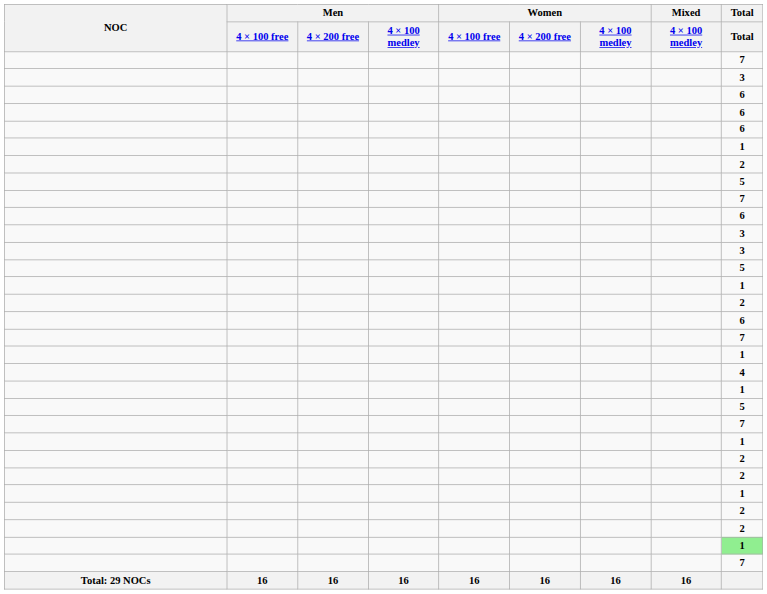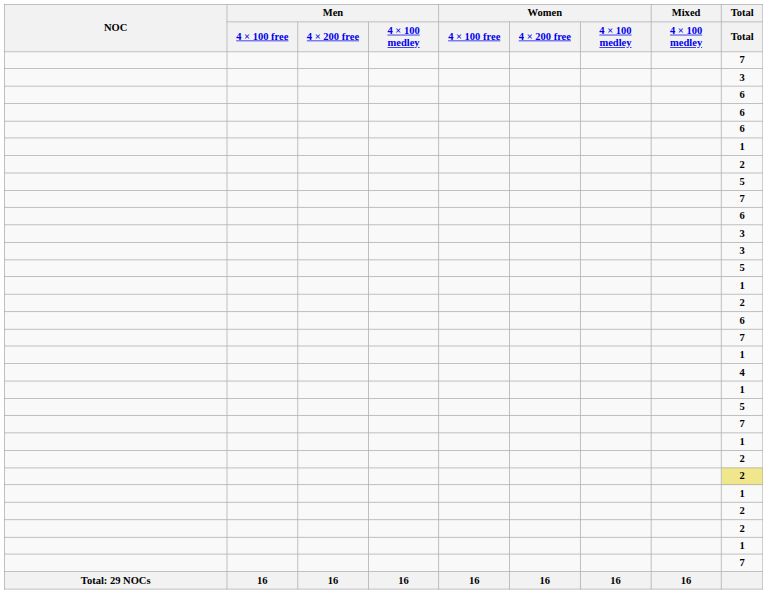 <table class="wikitable sortable" width=1040 style="text-align:center; font-size:90%">
 <tr>
 <th rowspan="2" style="text-align:center;">NOC</th>
 <th colspan="3">Men</th>
 <th colspan="3">Women</th>
 <th colspan="1">Mixed</th>
 <th>Total</th>
 </tr>
 <tr>
 <th width=90><a href='#'>4 × 100 free</a></th>
 <th width=90><a href='#'>4 × 200 free</a></th>
 <th width=90><a href='#'>4 × 100 medley</a></th>
 <th width=90><a href='#'>4 × 100 free</a></th>
 <th width=90><a href='#'>4 × 200 free</a></th>
 <th width=90><a href='#'>4 × 100 medley</a></th>
 <th width=90><a href='#'>4 × 100 medley</a></th>
 <th width=50>Total</th>
 </tr>
 <tr>
 <td style="text-align:left;"></td>
 <td></td>
 <td></td>
 <td></td>
 <td></td>
 <td></td>
 <td></td>
 <td></td>
 <td><strong>7</strong></td>
 </tr>
 <tr>
 <td style="text-align:left;"></td>
 <td></td>
 <td></td>
 <td></td>
 <td></td>
 <td></td>
 <td></td>
 <td></td>
 <td><strong>3</strong></td>
 </tr>
 <tr>
 <td style="text-align:left;"></td>
 <td></td>
 <td></td>
 <td></td>
 <td></td>
 <td></td>
 <td></td>
 <td></td>
 <td><strong>6</strong></td>
 </tr>
 <tr>
 <td style="text-align:left;"></td>
 <td></td>
 <td></td>
 <td></td>
 <td></td>
 <td></td>
 <td></td>
 <td></td>
 <td><strong>6</strong></td>
 </tr>
 <tr>
 <td style="text-align:left;"></td>
 <td></td>
 <td></td>
 <td></td>
 <td></td>
 <td></td>
 <td></td>
 <td></td>
 <td><strong>6</strong></td>
 </tr>
 <tr>
 <td style="text-align:left;"></td>
 <td></td>
 <td></td>
 <td></td>
 <td></td>
 <td></td>
 <td></td>
 <td></td>
 <td><strong>1</strong></td>
 </tr>
 <tr>
 <td style="text-align:left;"></td>
 <td></td>
 <td></td>
 <td></td>
 <td></td>
 <td></td>
 <td></td>
 <td></td>
 <td><strong>2</strong></td>
 </tr>
 <tr>
 <td style="text-align:left;"></td>
 <td></td>
 <td></td>
 <td></td>
 <td></td>
 <td></td>
 <td></td>
 <td></td>
 <td><strong>5</strong></td>
 </tr>
 <tr>
 <td style="text-align:left;"></td>
 <td></td>
 <td></td>
 <td></td>
 <td></td>
 <td></td>
 <td></td>
 <td></td>
 <td><strong>7</strong></td>
 </tr>
 <tr>
 <td style="text-align:left;"></td>
 <td></td>
 <td></td>
 <td></td>
 <td></td>
 <td></td>
 <td></td>
 <td></td>
 <td><strong>6</strong></td>
 </tr>
 <tr>
 <td style="text-align:left;"></td>
 <td></td>
 <td></td>
 <td></td>
 <td></td>
 <td></td>
 <td></td>
 <td></td>
 <td><strong>3</strong></td>
 </tr>
 <tr>
 <td style="text-align:left;"></td>
 <td></td>
 <td></td>
 <td></td>
 <td></td>
 <td></td>
 <td></td>
 <td></td>
 <td><strong>3</strong></td>
 </tr>
 <tr>
 <td style="text-align:left;"></td>
 <td></td>
 <td></td>
 <td></td>
 <td></td>
 <td></td>
 <td></td>
 <td></td>
 <td><strong>5</strong></td>
 </tr>
 <tr>
 <td style="text-align:left;"></td>
 <td></td>
 <td></td>
 <td></td>
 <td></td>
 <td></td>
 <td></td>
 <td></td>
 <td><strong>1</strong></td>
 </tr>
 <tr>
 <td style="text-align:left;"></td>
 <td></td>
 <td></td>
 <td></td>
 <td></td>
 <td></td>
 <td></td>
 <td></td>
 <td><strong>2</strong></td>
 </tr>
 <tr>
 <td style="text-align:left;"></td>
 <td></td>
 <td></td>
 <td></td>
 <td></td>
 <td></td>
 <td></td>
 <td></td>
 <td><strong>6</strong></td>
 </tr>
 <tr>
 <td style="text-align:left;"></td>
 <td></td>
 <td></td>
 <td></td>
 <td></td>
 <td></td>
 <td></td>
 <td></td>
 <td><strong>7</strong></td>
 </tr>
 <tr>
 <td style="text-align:left;"></td>
 <td></td>
 <td></td>
 <td></td>
 <td></td>
 <td></td>
 <td></td>
 <td></td>
 <td><strong>1</strong></td>
 </tr>
 <tr>
 <td style="text-align:left;"></td>
 <td></td>
 <td></td>
 <td></td>
 <td></td>
 <td></td>
 <td></td>
 <td></td>
 <td><strong>4</strong></td>
 </tr>
 <tr>
 <td style="text-align:left;"></td>
 <td></td>
 <td></td>
 <td></td>
 <td></td>
 <td></td>
 <td></td>
 <td></td>
 <td><strong>1</strong></td>
 </tr>
 <tr>
 <td style="text-align:left;"></td>
 <td></td>
 <td></td>
 <td></td>
 <td></td>
 <td></td>
 <td></td>
 <td></td>
 <td><strong>5</strong></td>
 </tr>
 <tr>
 <td style="text-align:left;"></td>
 <td></td>
 <td></td>
 <td></td>
 <td></td>
 <td></td>
 <td></td>
 <td></td>
 <td><strong>7</strong></td>
 </tr>
 <tr>
 <td style="text-align:left;"></td>
 <td></td>
 <td></td>
 <td></td>
 <td></td>
 <td></td>
 <td></td>
 <td></td>
 <td><strong>1</strong></td>
 </tr>
 <tr>
 <td style="text-align:left;"></td>
 <td></td>
 <td></td>
 <td></td>
 <td></td>
 <td></td>
 <td></td>
 <td></td>
 <td><strong>2</strong></td>
 </tr>
 <tr>
 <td style="text-align:left;"></td>
 <td></td>
 <td></td>
 <td></td>
 <td></td>
 <td></td>
 <td></td>
 <td></td>
-<td><strong>2</strong></td>
+<td style="background: khaki;"><strong>2</strong></td>
 </tr>
 <tr>
 <td style="text-align:left;"></td>
 <td></td>
 <td></td>
 <td></td>
 <td></td>
 <td></td>
 <td></td>
 <td></td>
 <td><strong>1</strong></td>
 </tr>
 <tr>
 <td style="text-align:left;"></td>
 <td></td>
 <td></td>
 <td></td>
 <td></td>
 <td></td>
 <td></td>
 <td></td>
 <td><strong>2</strong></td>
 </tr>
 <tr>
 <td style="text-align:left;"></td>
 <td></td>
 <td></td>
 <td></td>
 <td></td>
 <td></td>
 <td></td>
 <td></td>
 <td><strong>2</strong></td>
 </tr>
 <tr>
 <td style="text-align:left;"></td>
 <td></td>
 <td></td>
 <td></td>
 <td></td>
 <td></td>
 <td></td>
 <td></td>
-<td style="background: lightgreen;"><strong>1</strong></td>
+<td><strong>1</strong></td>
 </tr>
 <tr>
 <td style="text-align:left;"></td>
 <td></td>
 <td></td>
 <td></td>
 <td></td>
 <td></td>
 <td></td>
 <td></td>
 <td><strong>7</strong></td>
 </tr>
 <tr>
 <th>Total: 29 NOCs</th>
 <th>16</th>
 <th>16</th>
 <th>16</th>
 <th>16</th>
 <th>16</th>
 <th>16</th>
 <th>16</th>
 <th></th>
 </tr>
 </table>
